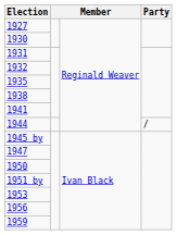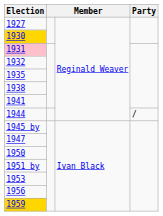 <table class="wikitable">
 <tr>
 <th>Election</th>
 <th colspan="2">Member</th>
 <th>Party</th>
 </tr>
 <tr>
 <td><a href='#'>1927</a></td>
 <td rowspan="2" > </td>
 <td rowspan="8"><a href='#'>Reginald Weaver</a></td>
 <td rowspan="2"></td>
 </tr>
 <tr>
-<td><a href='#'>1930</a></td>
+<td style="background: gold;"><a href='#'>1930</a></td>
 </tr>
 <tr>
-<td><a href='#'>1931</a></td>
+<td style="background: pink;"><a href='#'>1931</a></td>
 <td rowspan="5" > </td>
 <td rowspan="5"></td>
 </tr>
 <tr>
 <td><a href='#'>1932</a></td>
 </tr>
 <tr>
 <td><a href='#'>1935</a></td>
 </tr>
 <tr>
 <td><a href='#'>1938</a></td>
 </tr>
 <tr>
 <td><a href='#'>1941</a></td>
 </tr>
 <tr>
 <td><a href='#'>1944</a></td>
 <td> </td>
 <td> / </td>
 </tr>
 <tr>
 <td><a href='#'>1945 by</a></td>
 <td rowspan="7" > </td>
 <td rowspan="7"><a href='#'>Ivan Black</a></td>
 <td rowspan="7"></td>
 </tr>
 <tr>
 <td><a href='#'>1947</a></td>
 </tr>
 <tr>
 <td><a href='#'>1950</a></td>
 </tr>
 <tr>
 <td><a href='#'>1951 by</a></td>
 </tr>
 <tr>
 <td><a href='#'>1953</a></td>
 </tr>
 <tr>
 <td><a href='#'>1956</a></td>
 </tr>
 <tr>
-<td><a href='#'>1959</a></td>
+<td style="background: gold;"><a href='#'>1959</a></td>
 </tr>
 </table>
